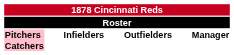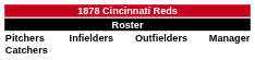 <table class="toccolours" style="font-size: 95%;">
 <tr>
 <th colspan="10" style="background-color: #c6011f; color: white; text-align: center;">1878 Cincinnati Reds</th>
 </tr>
 <tr>
 <td colspan="10" style="background-color: black; color: white; text-align: center;"><strong>Roster</strong></td>
 </tr>
 <tr>
-<td valign="top" style="background: pink;"><strong>Pitchers</strong><br>  <strong>Catchers</strong> </td>
+<td valign="top"><strong>Pitchers</strong><br>  <strong>Catchers</strong> </td>
 <td width="25px"></td>
 <td valign="top"><strong>Infielders</strong><br>   </td>
 <td width="25px"></td>
 <td valign="top"><strong>Outfielders</strong><br>   </td>
 <td width="25px"></td>
 <td valign="top"><strong>Manager</strong><br></td>
 </tr>
 </table>
